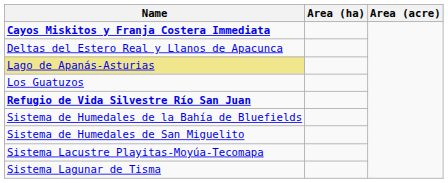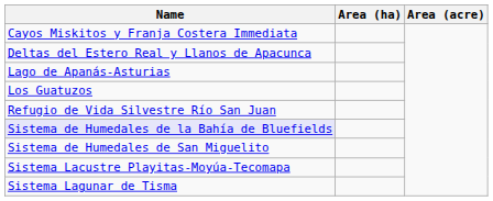 <table class="wikitable sortable">
 <tr>
 <th scope="col" align=left>Name</th>
 <th scope="col">Area (ha)</th>
 <th scope="col">Area (acre)</th>
 </tr>
 <tr ---->
-<td><strong><a href='#'>Cayos Miskitos y Franja Costera Immediata</a></strong></td>
+<td><a href='#'>Cayos Miskitos y Franja Costera Immediata</a></td>
 <td></td>
 </tr>
 <tr ---->
 <td><a href='#'>Deltas del Estero Real y Llanos de Apacunca</a></td>
 <td></td>
 </tr>
 <tr ---->
-<td style="background: khaki;"><a href='#'>Lago de Apanás-Asturias</a></td>
+<td><a href='#'>Lago de Apanás-Asturias</a></td>
 <td></td>
 </tr>
 <tr ---->
 <td><a href='#'>Los Guatuzos</a></td>
 <td></td>
 </tr>
 <tr ---->
-<td><strong><a href='#'>Refugio de Vida Silvestre Río San Juan</a></strong></td>
+<td><a href='#'>Refugio de Vida Silvestre Río San Juan</a></td>
 <td></td>
 </tr>
 <tr ---->
-<td><a href='#'>Sistema de Humedales de la Bahía de Bluefields</a></td>
+<td style="background: lavender;"><a href='#'>Sistema de Humedales de la Bahía de Bluefields</a></td>
 <td></td>
 </tr>
 <tr ---->
 <td><a href='#'>Sistema de Humedales de San Miguelito</a></td>
 <td></td>
 </tr>
 <tr ---->
 <td><a href='#'>Sistema Lacustre Playitas-Moyúa-Tecomapa</a></td>
 <td></td>
 </tr>
 <tr ---->
 <td><a href='#'>Sistema Lagunar de Tisma</a></td>
 <td></td>
 </tr>
 </table>
